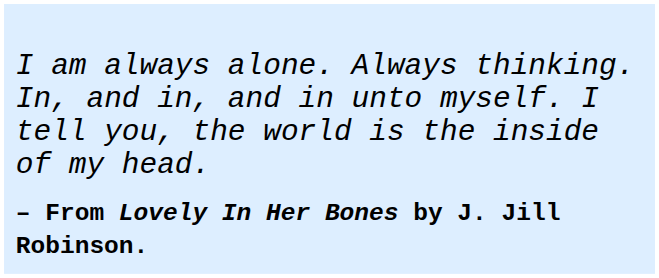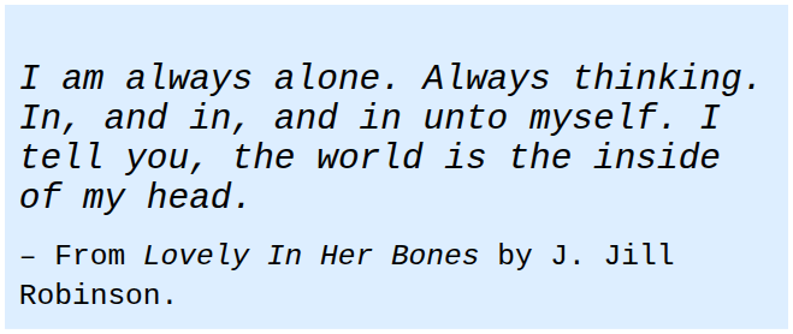 <table class="toccolours" style="float: right; margin-left: 1em; margin-right: 1em; font-size: 110%; background:#ddeeff; color:black; width:23em; max-width: 25%;" cellspacing="5">
 <tr>
 <td style="text-align: left;"><br><em>I am always alone. Always thinking. In, and in, and in unto myself. I tell you, the world is the inside of my head.</em></td>
 </tr>
 <tr>
-<td style="text-align: left;"><strong><small> – From <em>Lovely In Her Bones</em> by J. Jill Robinson.</small></strong></td>
+<td style="text-align: left;"><small> – From <em>Lovely In Her Bones</em> by J. Jill Robinson.</small></td>
 </tr>
 </table>
